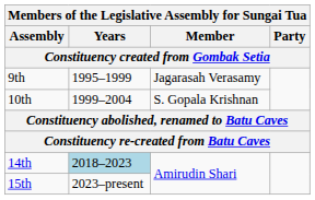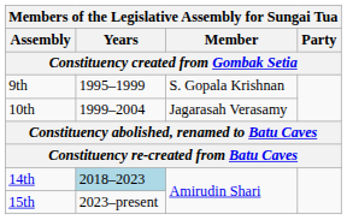 <table class=wikitable>
 <tr>
 <th colspan=4>Members of the Legislative Assembly for Sungai Tua</th>
 </tr>
 <tr>
 <th>Assembly</th>
 <th>Years</th>
 <th>Member</th>
 <th>Party</th>
 </tr>
 <tr>
 <th colspan=4 align=center><em>Constituency created from <a href='#'>Gombak Setia</a></em></th>
 </tr>
 <tr>
 <td>9th</td>
 <td>1995–1999</td>
-<td>Jagarasah Verasamy</td>
+<td>S. Gopala Krishnan</td>
 <td rowspan=2></td>
 </tr>
 <tr>
 <td>10th</td>
 <td>1999–2004</td>
-<td>S. Gopala Krishnan</td>
+<td>Jagarasah Verasamy</td>
 </tr>
 <tr>
 <th colspan=4 align=center><em>Constituency abolished, renamed to <a href='#'>Batu Caves</a></em></th>
 </tr>
 <tr>
 <th colspan=4 align=center><em>Constituency re-created from <a href='#'>Batu Caves</a></em></th>
 </tr>
 <tr>
 <td><a href='#'>14th</a></td>
 <td style="background: lightblue;">2018–2023</td>
 <td rowspan=2><a href='#'>Amirudin Shari</a></td>
 <td rowspan=2></td>
 </tr>
 <tr>
 <td><a href='#'>15th</a></td>
 <td>2023–present</td>
 </tr>
 </table>
